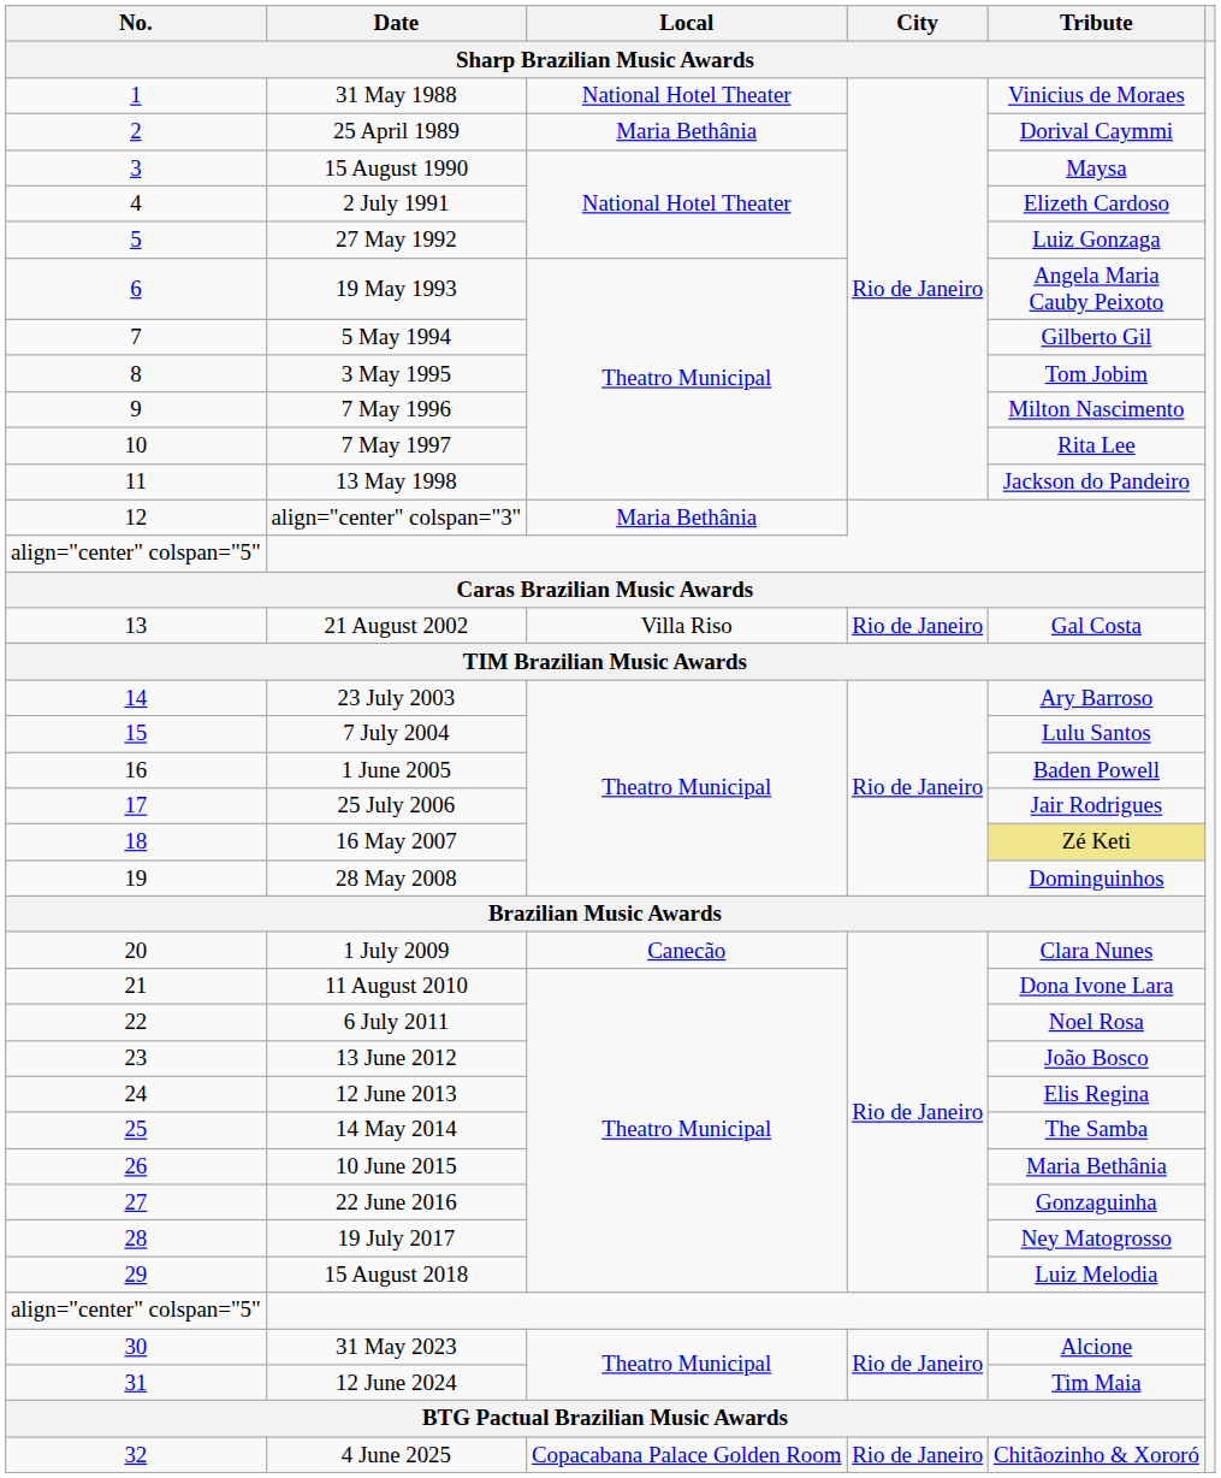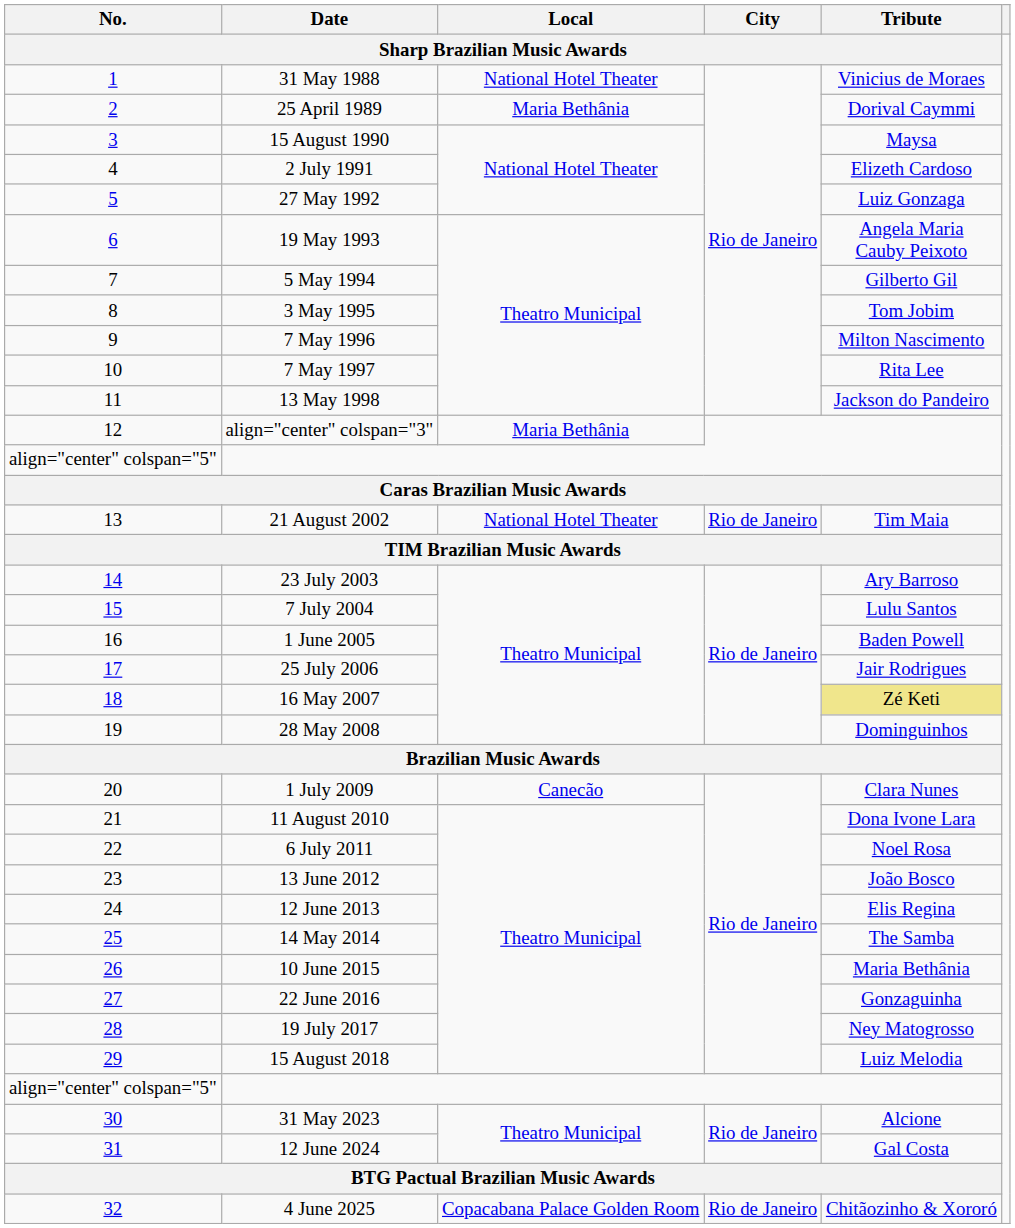 <table class="wikitable">
 <tr>
 <th>No.</th>
 <th>Date</th>
 <th>Local</th>
 <th>City</th>
 <th>Tribute</th>
 <th></th>
 </tr>
 <tr>
 <th colspan="5">Sharp Brazilian Music Awards</th>
 <td rowspan="39" align="center"></td>
 </tr>
 <tr>
 <td align="center"><a href='#'>1</a></td>
 <td align="center">31 May 1988</td>
 <td align="center"><a href='#'>National Hotel Theater</a></td>
 <td rowspan="11"><a href='#'>Rio de Janeiro</a></td>
 <td align="center"><a href='#'>Vinicius de Moraes</a></td>
 </tr>
 <tr>
 <td align="center"><a href='#'>2</a></td>
 <td align="center">25 April 1989</td>
 <td align="center"><a href='#'>Maria Bethânia</a></td>
 <td align="center"><a href='#'>Dorival Caymmi</a></td>
 </tr>
 <tr>
 <td align="center"><a href='#'>3</a></td>
 <td align="center">15 August 1990</td>
 <td rowspan="3" align="center"><a href='#'>National Hotel Theater</a></td>
 <td align="center"><a href='#'>Maysa</a></td>
 </tr>
 <tr>
 <td align="center">4</td>
 <td align="center">2 July 1991</td>
 <td align="center"><a href='#'>Elizeth Cardoso</a></td>
 </tr>
 <tr>
 <td align="center"><a href='#'>5</a></td>
 <td align="center">27 May 1992</td>
 <td align="center"><a href='#'>Luiz Gonzaga</a></td>
 </tr>
 <tr>
 <td align="center"><a href='#'>6</a></td>
 <td align="center">19 May 1993</td>
 <td rowspan="6" align="center"><a href='#'>Theatro Municipal</a></td>
 <td align="center"><a href='#'>Angela Maria</a><br><a href='#'>Cauby Peixoto</a></td>
 </tr>
 <tr>
 <td align="center">7</td>
 <td align="center">5 May 1994</td>
 <td align="center"><a href='#'>Gilberto Gil</a></td>
 </tr>
 <tr>
 <td align="center">8</td>
 <td align="center">3 May 1995</td>
 <td align="center"><a href='#'>Tom Jobim</a></td>
 </tr>
 <tr>
 <td align="center">9</td>
 <td align="center">7 May 1996</td>
 <td align="center"><a href='#'>Milton Nascimento</a></td>
 </tr>
 <tr>
 <td align="center">10</td>
 <td align="center">7 May 1997</td>
 <td align="center"><a href='#'>Rita Lee</a></td>
 </tr>
 <tr>
 <td align="center">11</td>
 <td align="center">13 May 1998</td>
 <td align="center"><a href='#'>Jackson do Pandeiro</a></td>
 </tr>
 <tr>
 <td align="center">12</td>
 <td>align="center" colspan="3" </td>
 <td align="center"><a href='#'>Maria Bethânia</a></td>
 </tr>
 <tr>
 <td>align="center" colspan="5" </td>
 </tr>
 <tr>
 <th colspan="5">Caras Brazilian Music Awards</th>
 </tr>
 <tr>
 <td align="center">13</td>
 <td align="center">21 August 2002</td>
-<td align="center">Villa Riso</td>
+<td align="center"><a href='#'>National Hotel Theater</a></td>
 <td><a href='#'>Rio de Janeiro</a></td>
-<td align="center"><a href='#'>Gal Costa</a></td>
+<td align="center"><a href='#'>Tim Maia</a></td>
 </tr>
 <tr>
 <th colspan="5">TIM Brazilian Music Awards</th>
 </tr>
 <tr>
 <td align="center"><a href='#'>14</a></td>
 <td align="center">23 July 2003</td>
 <td rowspan="6" align="center"><a href='#'>Theatro Municipal</a></td>
 <td rowspan="6"><a href='#'>Rio de Janeiro</a></td>
 <td align="center"><a href='#'>Ary Barroso</a></td>
 </tr>
 <tr>
 <td align="center"><a href='#'>15</a></td>
 <td align="center">7 July 2004</td>
 <td align="center"><a href='#'>Lulu Santos</a></td>
 </tr>
 <tr>
 <td align="center">16</td>
 <td align="center">1 June 2005</td>
 <td align="center"><a href='#'>Baden Powell</a></td>
 </tr>
 <tr>
 <td align="center"><a href='#'>17</a></td>
 <td align="center">25 July 2006</td>
 <td align="center"><a href='#'>Jair Rodrigues</a></td>
 </tr>
 <tr>
 <td align="center"><a href='#'>18</a></td>
 <td align="center">16 May 2007</td>
 <td align="center" style="background: khaki;">Zé Keti</td>
 </tr>
 <tr>
 <td align="center">19</td>
 <td align="center">28 May 2008</td>
 <td align="center"><a href='#'>Dominguinhos</a></td>
 </tr>
 <tr>
 <th colspan="5">Brazilian Music Awards</th>
 </tr>
 <tr>
 <td align="center">20</td>
 <td align="center">1 July 2009</td>
 <td align="center"><a href='#'>Canecão</a></td>
 <td rowspan="10"><a href='#'>Rio de Janeiro</a></td>
 <td align="center"><a href='#'>Clara Nunes</a></td>
 </tr>
 <tr>
 <td align="center">21</td>
 <td align="center">11 August 2010</td>
 <td rowspan="9" align="center"><a href='#'>Theatro Municipal</a></td>
 <td align="center"><a href='#'>Dona Ivone Lara</a></td>
 </tr>
 <tr>
 <td align="center">22</td>
 <td align="center">6 July 2011</td>
 <td align="center"><a href='#'>Noel Rosa</a></td>
 </tr>
 <tr>
 <td align="center">23</td>
 <td align="center">13 June 2012</td>
 <td align="center"><a href='#'>João Bosco</a></td>
 </tr>
 <tr>
 <td align="center">24</td>
 <td align="center">12 June 2013</td>
 <td align="center"><a href='#'>Elis Regina</a></td>
 </tr>
 <tr>
 <td align="center"><a href='#'>25</a></td>
 <td align="center">14 May 2014</td>
 <td align="center"><a href='#'>The Samba</a></td>
 </tr>
 <tr>
 <td align="center"><a href='#'>26</a></td>
 <td align="center">10 June 2015</td>
 <td align="center"><a href='#'>Maria Bethânia</a></td>
 </tr>
 <tr>
 <td align="center"><a href='#'>27</a></td>
 <td align="center">22 June 2016</td>
 <td align="center"><a href='#'>Gonzaguinha</a></td>
 </tr>
 <tr>
 <td align="center"><a href='#'>28</a></td>
 <td align="center">19 July 2017</td>
 <td align="center"><a href='#'>Ney Matogrosso</a></td>
 </tr>
 <tr>
 <td align="center"><a href='#'>29</a></td>
 <td align="center">15 August 2018</td>
 <td align="center"><a href='#'>Luiz Melodia</a></td>
 </tr>
 <tr>
 <td>align="center" colspan="5" </td>
 </tr>
 <tr>
 <td align="center"><a href='#'>30</a></td>
 <td align="center">31 May 2023</td>
 <td rowspan="2" align="center"><a href='#'>Theatro Municipal</a></td>
 <td rowspan="2"><a href='#'>Rio de Janeiro</a></td>
 <td align="center"><a href='#'>Alcione</a></td>
 </tr>
 <tr>
 <td align="center"><a href='#'>31</a></td>
 <td align="center">12 June 2024</td>
-<td align="center"><a href='#'>Tim Maia</a></td>
+<td align="center"><a href='#'>Gal Costa</a></td>
 </tr>
 <tr>
 <th colspan="5">BTG Pactual Brazilian Music Awards</th>
 </tr>
 <tr>
 <td align="center"><a href='#'>32</a></td>
 <td align="center">4 June 2025</td>
 <td align="center"><a href='#'>Copacabana Palace Golden Room</a></td>
 <td><a href='#'>Rio de Janeiro</a></td>
 <td align="center"><a href='#'>Chitãozinho & Xororó</a></td>
 </tr>
 </table>
